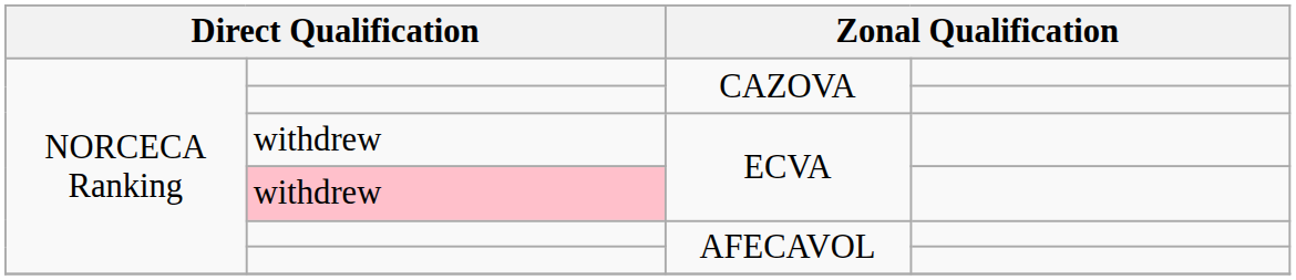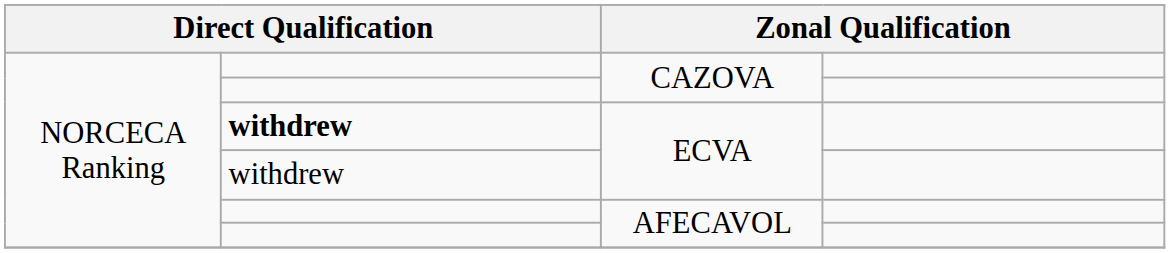 <table class="wikitable">
 <tr>
 <th colspan="2">Direct Qualification</th>
 <th colspan="2">Zonal Qualification</th>
 </tr>
 <tr>
 <td rowspan="6" align=center width=120>NORCECA Ranking</td>
 <td width=250></td>
 <td rowspan="2" align=center width=120>CAZOVA</td>
 <td width=250></td>
 </tr>
 <tr>
 <td></td>
 <td></td>
 </tr>
 <tr>
-<td><s></s> withdrew</td>
+<td><strong><s></s> withdrew</strong></td>
 <td rowspan="2" align=center>ECVA</td>
 <td></td>
 </tr>
 <tr>
-<td style="background: pink;"><s></s> withdrew</td>
+<td><s></s> withdrew</td>
 <td></td>
 </tr>
 <tr>
 <td></td>
 <td rowspan="2" align=center>AFECAVOL</td>
 <td></td>
 </tr>
 <tr>
 <td></td>
 <td></td>
 </tr>
 <tr>
 </tr>
 </table>
